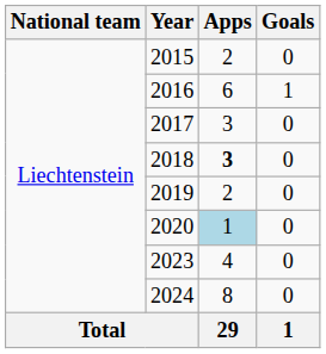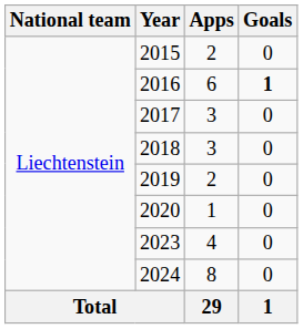 <table class="wikitable" style="text-align:center">
 <tr>
 <th>National team</th>
 <th>Year</th>
 <th>Apps</th>
 <th>Goals</th>
 </tr>
 <tr>
 <td rowspan="8"><a href='#'>Liechtenstein</a></td>
 <td>2015</td>
 <td>2</td>
 <td>0</td>
 </tr>
 <tr>
 <td>2016</td>
 <td>6</td>
-<td>1</td>
+<td><strong>1</strong></td>
 </tr>
 <tr>
 <td>2017</td>
 <td>3</td>
 <td>0</td>
 </tr>
 <tr>
 <td>2018</td>
-<td><strong>3</strong></td>
+<td>3</td>
 <td>0</td>
 </tr>
 <tr>
 <td>2019</td>
 <td>2</td>
 <td>0</td>
 </tr>
 <tr>
 <td>2020</td>
-<td style="background: lightblue;">1</td>
+<td>1</td>
 <td>0</td>
 </tr>
 <tr>
 <td>2023</td>
 <td>4</td>
 <td>0</td>
 </tr>
 <tr>
 <td>2024</td>
 <td>8</td>
 <td>0</td>
 </tr>
 <tr>
 <th colspan="2">Total</th>
 <th>29</th>
 <th>1</th>
 </tr>
 </table>
